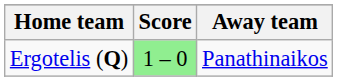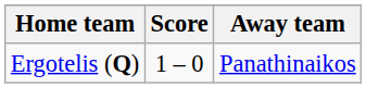 <table class="wikitable" style="text-align: center">
 <tr>
 </tr>
 <tr>
 <th>Home team</th>
 <th>Score</th>
 <th>Away team</th>
 </tr>
 <tr>
 <td><a href='#'>Ergotelis</a> (<strong>Q</strong>)</td>
-<td style="background: lightgreen;">1 – 0</td>
+<td>1 – 0</td>
 <td><a href='#'>Panathinaikos</a></td>
 </tr>
 </table>
